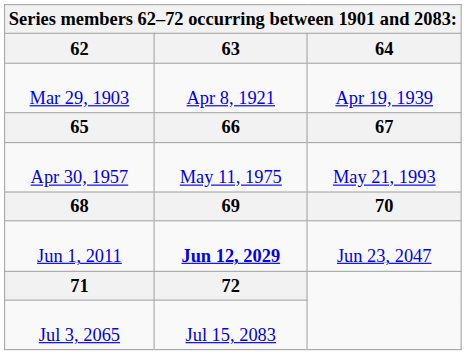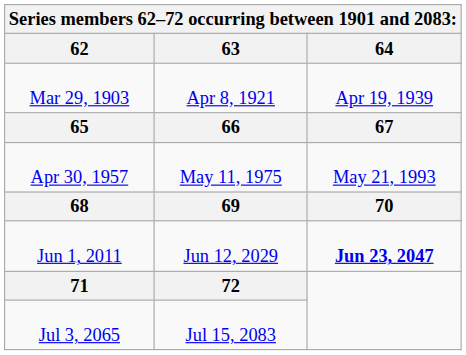 <table class="wikitable collapsible collapsed">
 <tr>
 <th colspan=3>Series members 62–72 occurring between 1901 and 2083:</th>
 </tr>
 <tr>
 <th>62</th>
 <th>63</th>
 <th>64</th>
 </tr>
 <tr style="text-align:center;">
 <td><br><a href='#'>Mar 29, 1903</a></td>
 <td><br><a href='#'>Apr 8, 1921</a></td>
 <td><br><a href='#'>Apr 19, 1939</a></td>
 </tr>
 <tr>
 <th>65</th>
 <th>66</th>
 <th>67</th>
 </tr>
 <tr style="text-align:center;">
 <td><br><a href='#'>Apr 30, 1957</a></td>
 <td><br><a href='#'>May 11, 1975</a></td>
 <td><br><a href='#'>May 21, 1993</a></td>
 </tr>
 <tr>
 <th>68</th>
 <th>69</th>
 <th>70</th>
 </tr>
 <tr style="text-align:center;">
 <td><br><a href='#'>Jun 1, 2011</a></td>
-<td><strong><br><a href='#'>Jun 12, 2029</a></strong></td>
-<td><br><a href='#'>Jun 23, 2047</a></td>
+<td><br><a href='#'>Jun 12, 2029</a></td>
+<td><strong><br><a href='#'>Jun 23, 2047</a></strong></td>
 </tr>
 <tr>
 <th>71</th>
 <th>72</th>
 </tr>
 <tr style="text-align:center;">
 <td><br><a href='#'>Jul 3, 2065</a></td>
 <td><br><a href='#'>Jul 15, 2083</a></td>
 </tr>
 </table>
